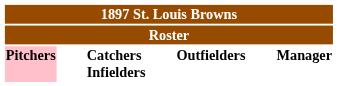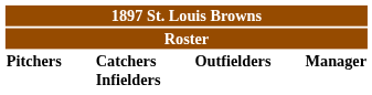 <table class="toccolours" style="font-size: 95%;">
 <tr>
 <th colspan="10" style="background-color: #964B00; color: white; text-align: center;">1897 St. Louis Browns</th>
 </tr>
 <tr>
 <td colspan="10" style="background-color: #964B00; color: white; text-align: center;"><strong>Roster</strong></td>
 </tr>
 <tr>
-<td valign="top" style="background: pink;"><strong>Pitchers</strong><br>          </td>
+<td valign="top"><strong>Pitchers</strong><br>          </td>
 <td width="25px"></td>
 <td valign="top"><strong>Catchers</strong><br>   <strong>Infielders</strong>       </td>
 <td width="25px"></td>
 <td valign="top"><strong>Outfielders</strong><br>      </td>
 <td width="25px"></td>
 <td valign="top"><strong>Manager</strong><br>   </td>
 </tr>
 </table>
